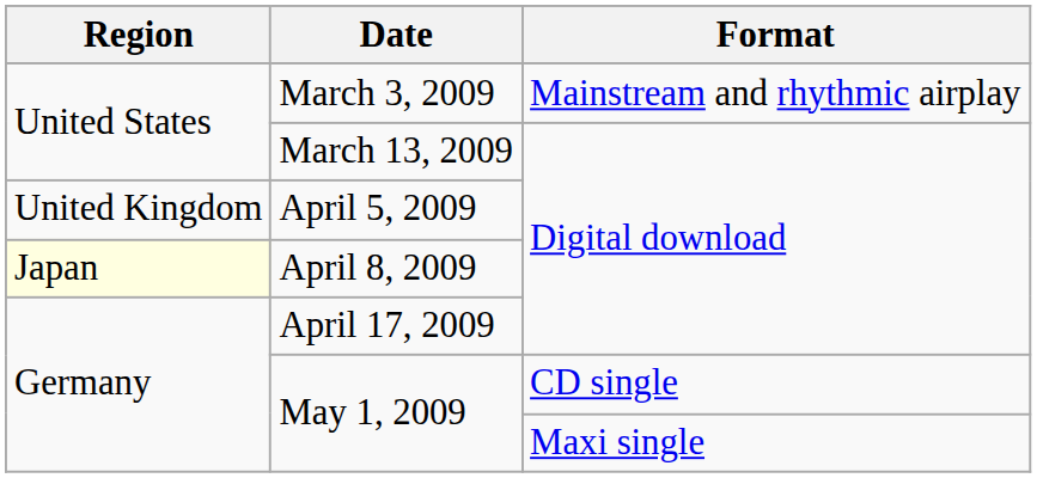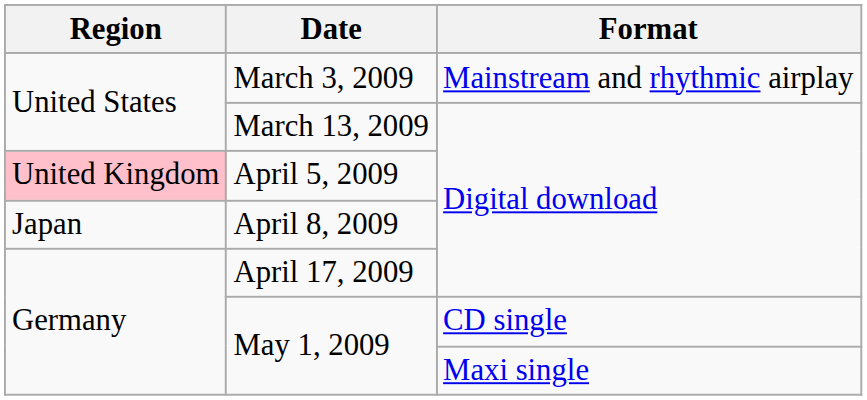 <table class=wikitable>
 <tr>
 <th>Region</th>
 <th>Date</th>
 <th>Format</th>
 </tr>
 <tr>
 <td rowspan="2">United States</td>
 <td>March 3, 2009</td>
 <td style="text-align:center;"><a href='#'>Mainstream</a> and <a href='#'>rhythmic</a> airplay</td>
 </tr>
 <tr>
 <td>March 13, 2009</td>
 <td rowspan="4"><a href='#'>Digital download</a></td>
 </tr>
 <tr>
-<td>United Kingdom</td>
+<td style="background: pink;">United Kingdom</td>
 <td>April 5, 2009</td>
 </tr>
 <tr>
-<td style="background: lightyellow;">Japan</td>
+<td>Japan</td>
 <td>April 8, 2009</td>
 </tr>
 <tr>
 <td rowspan="3">Germany</td>
 <td>April 17, 2009</td>
 </tr>
 <tr>
 <td rowspan="2">May 1, 2009</td>
 <td><a href='#'>CD single</a></td>
 </tr>
 <tr>
 <td><a href='#'>Maxi single</a></td>
 </tr>
 </table>
